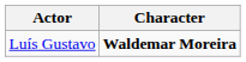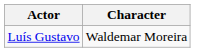 <table class="wikitable sortable">
 <tr>
 <th>Actor</th>
 <th>Character</th>
 </tr>
 <tr>
 <td><a href='#'>Luís Gustavo</a></td>
-<td><strong>Waldemar Moreira</strong></td>
+<td>Waldemar Moreira</td>
 </tr>
 </table>
